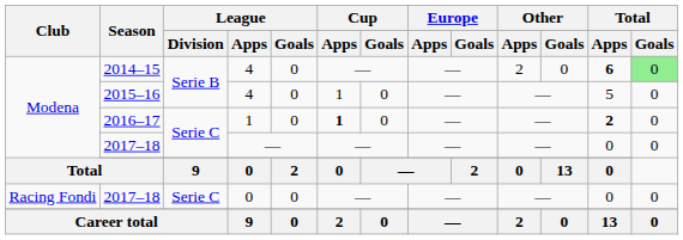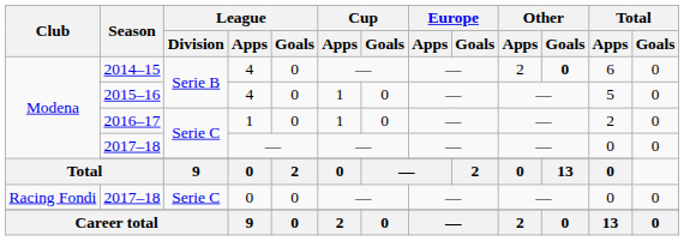 <table class="wikitable" style="text-align:center">
 <tr>
 <th rowspan="2">Club</th>
 <th rowspan="2">Season</th>
 <th colspan="3">League</th>
 <th colspan="2">Cup</th>
 <th colspan="2"><a href='#'>Europe</a></th>
 <th colspan="2">Other</th>
 <th colspan="2">Total</th>
 </tr>
 <tr>
 <th>Division</th>
 <th>Apps</th>
 <th>Goals</th>
 <th>Apps</th>
 <th>Goals</th>
 <th>Apps</th>
 <th>Goals</th>
 <th>Apps</th>
 <th>Goals</th>
 <th>Apps</th>
 <th>Goals</th>
 </tr>
 <tr>
 <td rowspan="5" valign="center"><a href='#'>Modena</a></td>
 <td><a href='#'>2014–15</a></td>
 <td rowspan="2"><a href='#'>Serie B</a></td>
 <td>4</td>
 <td>0</td>
 <td colspan="2">—</td>
 <td colspan="2">—</td>
 <td>2</td>
+<td><strong>0</strong></td>
+<td>6</td>
 <td>0</td>
-<td><strong>6</strong></td>
-<td style="background: lightgreen;">0</td>
 </tr>
 <tr>
 <td><a href='#'>2015–16</a></td>
 <td>4</td>
 <td>0</td>
 <td>1</td>
 <td>0</td>
 <td colspan="2">—</td>
 <td colspan="2">—</td>
 <td>5</td>
 <td>0</td>
 </tr>
 <tr>
 <td><a href='#'>2016–17</a></td>
 <td rowspan="2"><a href='#'>Serie C</a></td>
 <td>1</td>
 <td>0</td>
-<td><strong>1</strong></td>
+<td>1</td>
 <td>0</td>
 <td colspan="2">—</td>
 <td colspan="2">—</td>
-<td><strong>2</strong></td>
+<td>2</td>
 <td>0</td>
 </tr>
 <tr>
 <td><a href='#'>2017–18</a></td>
 <td colspan="2">—</td>
 <td colspan="2">—</td>
 <td colspan="2">—</td>
 <td colspan="2">—</td>
 <td>0</td>
 <td>0</td>
 </tr>
 <tr>
 </tr>
 <tr>
 <th colspan="2" valign="center">Total</th>
 <th>9</th>
 <th>0</th>
 <th>2</th>
 <th>0</th>
 <th colspan="2">—</th>
 <th>2</th>
 <th>0</th>
 <th>13</th>
 <th>0</th>
 </tr>
 <tr>
 <td rowspan="1" valign="center"><a href='#'>Racing Fondi</a></td>
 <td><a href='#'>2017–18</a></td>
 <td rowspan="1"><a href='#'>Serie C</a></td>
 <td>0</td>
 <td>0</td>
 <td colspan="2">—</td>
 <td colspan="2">—</td>
 <td colspan="2">—</td>
 <td>0</td>
 <td>0</td>
 </tr>
 <tr>
 </tr>
 <tr>
 <th colspan="3">Career total</th>
 <th>9</th>
 <th>0</th>
 <th>2</th>
 <th>0</th>
 <th colspan="2">—</th>
 <th>2</th>
 <th>0</th>
 <th>13</th>
 <th>0</th>
 </tr>
 </table>
